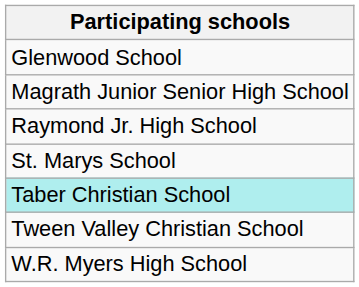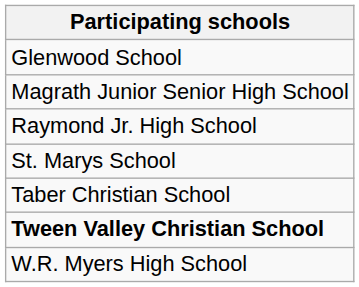 <table class="wikitable" align=right>
 <tr>
 <th>Participating schools</th>
 </tr>
 <tr>
 <td>Glenwood School</td>
 </tr>
 <tr>
 <td>Magrath Junior Senior High School</td>
 </tr>
 <tr>
 <td>Raymond Jr. High School</td>
 </tr>
 <tr>
 <td>St. Marys School</td>
 </tr>
 <tr>
-<td style="background: paleturquoise;">Taber Christian School</td>
+<td>Taber Christian School</td>
 </tr>
 <tr>
-<td>Tween Valley Christian School</td>
+<td><strong>Tween Valley Christian School</strong></td>
 </tr>
 <tr>
 <td>W.R. Myers High School</td>
 </tr>
 </table>
